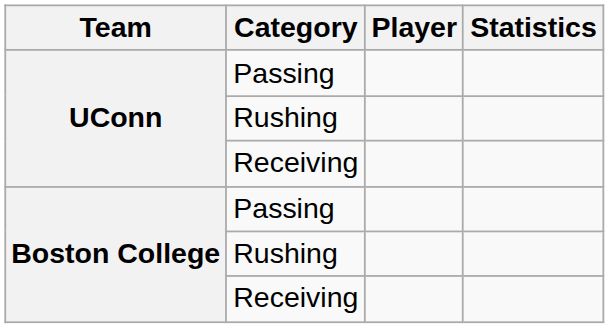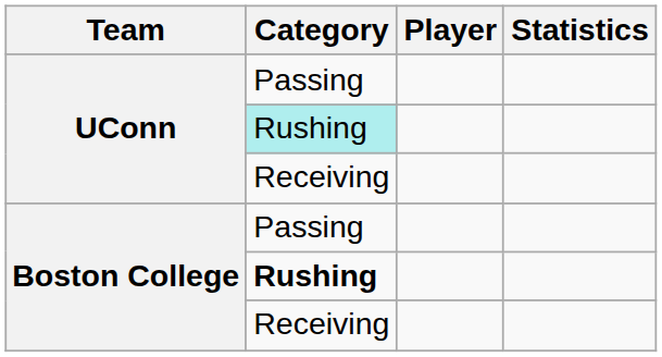 <table class="wikitable" style="float:right">
 <tr>
 <th>Team</th>
 <th>Category</th>
 <th>Player</th>
 <th>Statistics</th>
 </tr>
 <tr>
 <th rowspan=3>UConn</th>
 <td>Passing</td>
 <td></td>
 <td></td>
 </tr>
 <tr>
-<td>Rushing</td>
+<td style="background: paleturquoise;">Rushing</td>
 <td></td>
 <td></td>
 </tr>
 <tr>
 <td>Receiving</td>
 <td></td>
 <td></td>
 </tr>
 <tr>
 <th rowspan=3>Boston College</th>
 <td>Passing</td>
 <td></td>
 <td></td>
 </tr>
 <tr>
-<td>Rushing</td>
+<td><strong>Rushing</strong></td>
 <td></td>
 <td></td>
 </tr>
 <tr>
 <td>Receiving</td>
 <td></td>
 <td></td>
 </tr>
 </table>
